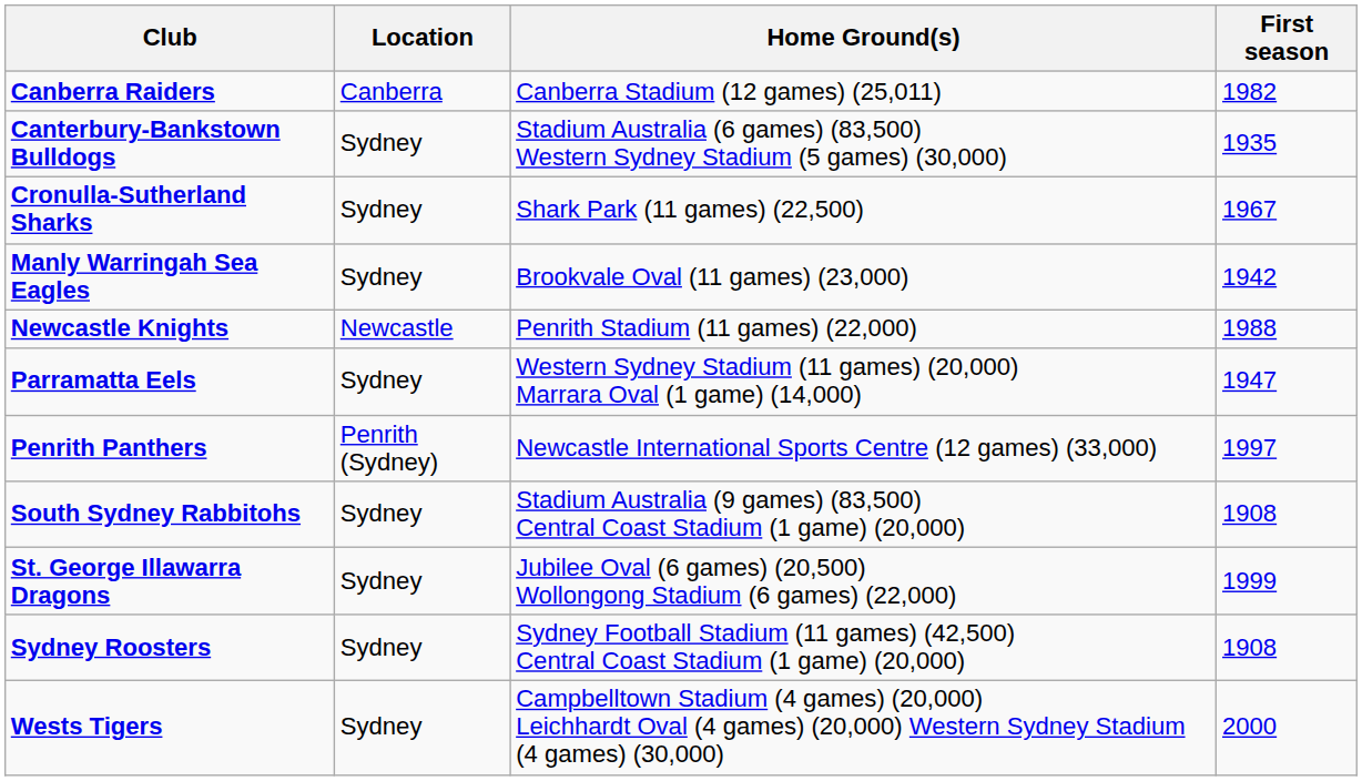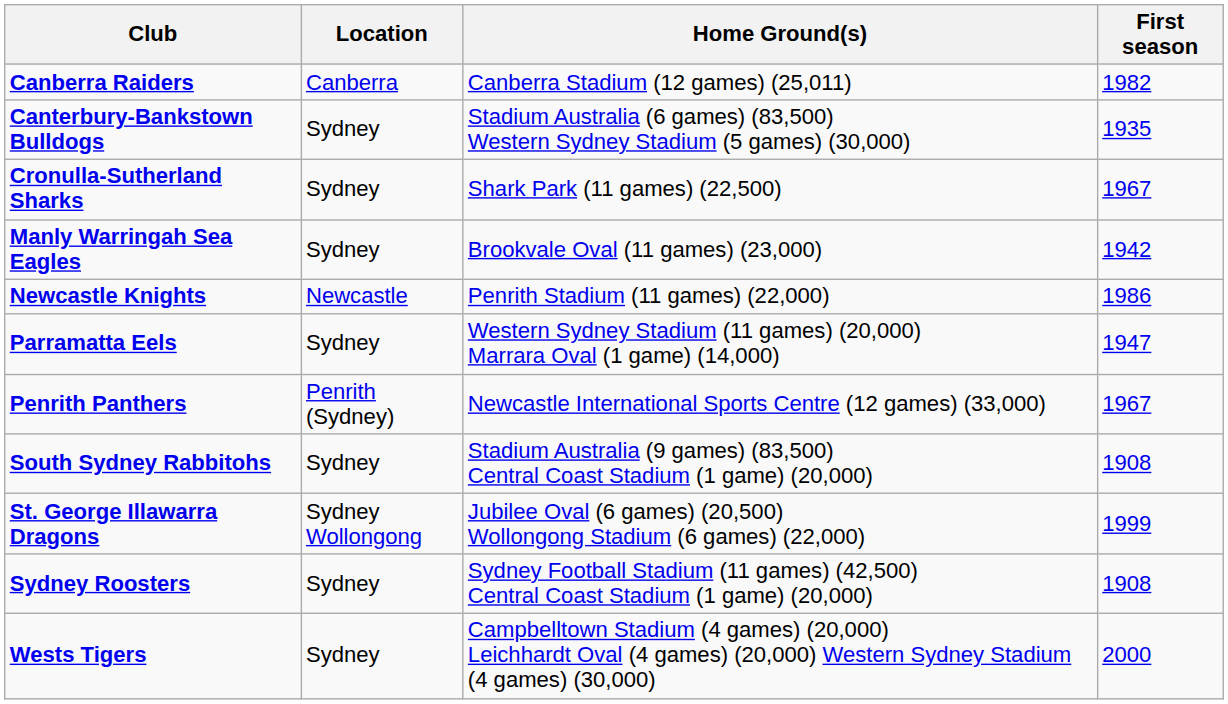 <table class="wikitable sortable" style="width:100%;">
 <tr>
 <th>Club</th>
 <th>Location</th>
 <th>Home Ground(s)</th>
 <th>First season</th>
 </tr>
 <tr>
 <td> <strong><a href='#'>Canberra Raiders</a></strong></td>
 <td><a href='#'>Canberra</a></td>
 <td><a href='#'>Canberra Stadium</a> (12 games) (25,011)</td>
 <td><a href='#'>1982</a></td>
 </tr>
 <tr>
 <td> <strong><a href='#'>Canterbury-Bankstown Bulldogs</a></strong></td>
 <td>Sydney</td>
 <td><a href='#'>Stadium Australia</a> (6 games) (83,500)<br><a href='#'>Western Sydney Stadium</a> (5 games) (30,000)</td>
 <td><a href='#'>1935</a></td>
 </tr>
 <tr>
 <td> <strong><a href='#'>Cronulla-Sutherland Sharks</a></strong></td>
 <td>Sydney</td>
 <td><a href='#'>Shark Park</a> (11 games) (22,500)</td>
 <td><a href='#'>1967</a></td>
 </tr>
 <tr>
 <td> <strong><a href='#'>Manly Warringah Sea Eagles</a></strong></td>
 <td>Sydney</td>
 <td><a href='#'>Brookvale Oval</a> (11 games) (23,000)</td>
 <td><a href='#'>1942</a></td>
 </tr>
 <tr>
 <td> <strong><a href='#'>Newcastle Knights</a></strong></td>
 <td><a href='#'>Newcastle</a></td>
 <td><a href='#'>Penrith Stadium</a> (11 games) (22,000)</td>
-<td><a href='#'>1988</a></td>
+<td><a href='#'>1986</a></td>
 </tr>
 <tr>
 <td> <strong><a href='#'>Parramatta Eels</a></strong></td>
 <td>Sydney</td>
 <td><a href='#'>Western Sydney Stadium</a> (11 games) (20,000)<br><a href='#'>Marrara Oval</a> (1 game) (14,000)</td>
 <td><a href='#'>1947</a></td>
 </tr>
 <tr>
 <td> <strong><a href='#'>Penrith Panthers</a></strong></td>
 <td><a href='#'>Penrith</a> (Sydney)</td>
 <td><a href='#'>Newcastle International Sports Centre</a> (12 games) (33,000)</td>
-<td><a href='#'>1997</a></td>
+<td><a href='#'>1967</a></td>
 </tr>
 <tr>
 <td> <strong><a href='#'>South Sydney Rabbitohs</a></strong></td>
 <td>Sydney</td>
 <td><a href='#'>Stadium Australia</a> (9 games) (83,500)<br><a href='#'>Central Coast Stadium</a> (1 game) (20,000)</td>
 <td><a href='#'>1908</a></td>
 </tr>
 <tr>
 <td> <strong><a href='#'>St. George Illawarra Dragons</a></strong></td>
-<td>Sydney</td>
+<td>Sydney<br><a href='#'>Wollongong</a></td>
 <td><a href='#'>Jubilee Oval</a> (6 games) (20,500)<br><a href='#'>Wollongong Stadium</a> (6 games) (22,000)</td>
 <td><a href='#'>1999</a></td>
 </tr>
 <tr>
 <td> <strong><a href='#'>Sydney Roosters</a></strong></td>
 <td>Sydney</td>
 <td><a href='#'>Sydney Football Stadium</a> (11 games) (42,500)<br><a href='#'>Central Coast Stadium</a> (1 game) (20,000)</td>
 <td><a href='#'>1908</a></td>
 </tr>
 <tr>
 <td> <strong><a href='#'>Wests Tigers</a></strong></td>
 <td>Sydney</td>
 <td><a href='#'>Campbelltown Stadium</a> (4 games) (20,000)<br><a href='#'>Leichhardt Oval</a> (4 games) (20,000) <a href='#'>Western Sydney Stadium</a> (4 games) (30,000)</td>
 <td><a href='#'>2000</a></td>
 </tr>
 </table>
